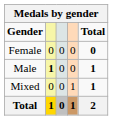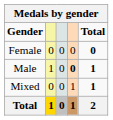 <table class=wikitable style=font-size:85%>
 <tr style="background:#efefef;">
 <th colspan=7><strong>Medals by gender</strong></th>
 </tr>
 <tr align=center>
 <td><strong>Gender</strong></td>
 <td bgcolor=#f7f6a8></td>
 <td bgcolor=#dce5e5></td>
 <td bgcolor=#ffdab9></td>
 <td><strong>Total</strong></td>
 </tr>
 <tr align=center>
 <td>Female</td>
 <td style="background:#F7F6A8;">0</td>
 <td style="background:#DCE5E5;">0</td>
 <td style="background:#FFDAB9;">0</td>
 <td><strong>0</strong></td>
 </tr>
 <tr align=center>
 <td>Male</td>
-<td style="background:#F7F6A8;"><strong>1</strong></td>
+<td style="background:#F7F6A8;">1</td>
 <td style="background:#DCE5E5;">0</td>
-<td style="background:#FFDAB9;">0</td>
+<td style="background:#FFDAB9;"><strong>0</strong></td>
 <td><strong>1</strong></td>
 </tr>
 <tr align=center>
 <td>Mixed</td>
 <td style="background:#F7F6A8;">0</td>
 <td style="background:#DCE5E5;">0</td>
 <td style="background:#FFDAB9;">1</td>
 <td><strong>1</strong></td>
 </tr>
 <tr align=center>
 <th><strong>Total</strong></th>
 <th style="background:gold;"><strong>1</strong></th>
 <th style="background:silver;"><strong>0</strong></th>
 <th style="background:#c96;"><strong>1</strong></th>
 <th><strong>2</strong></th>
 </tr>
 </table>
